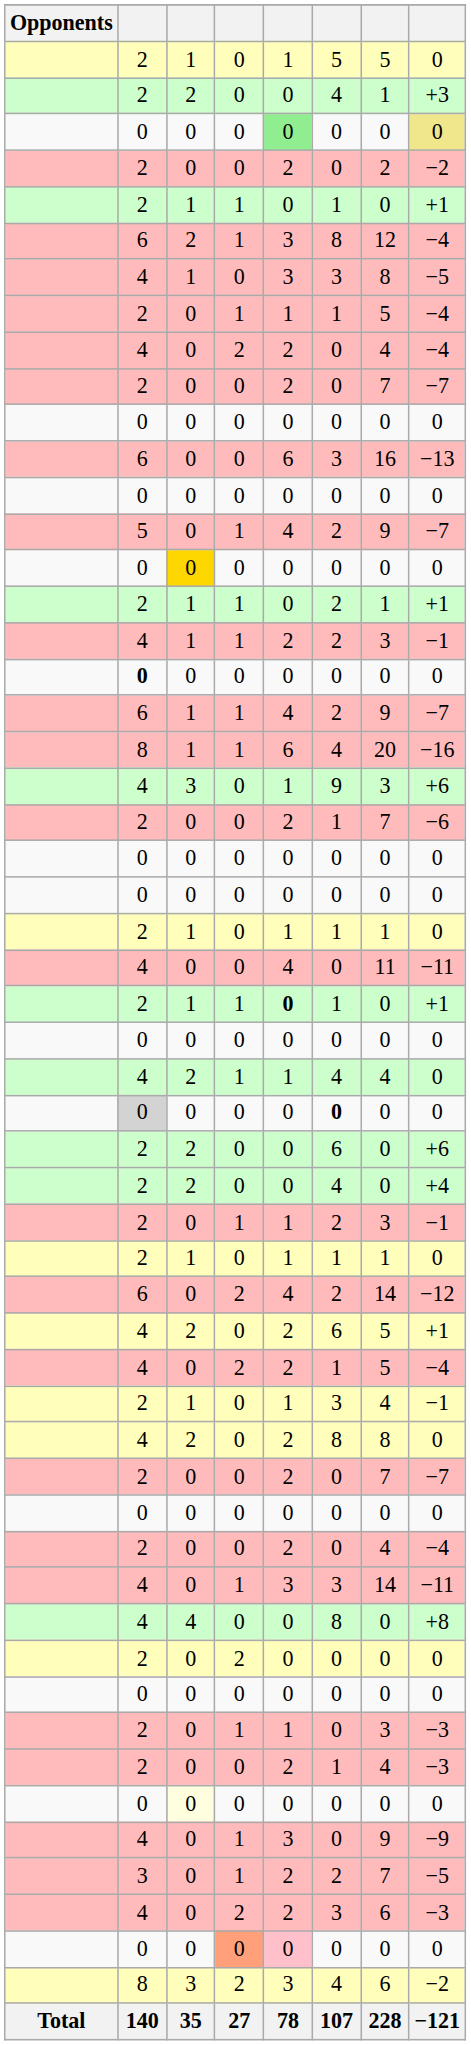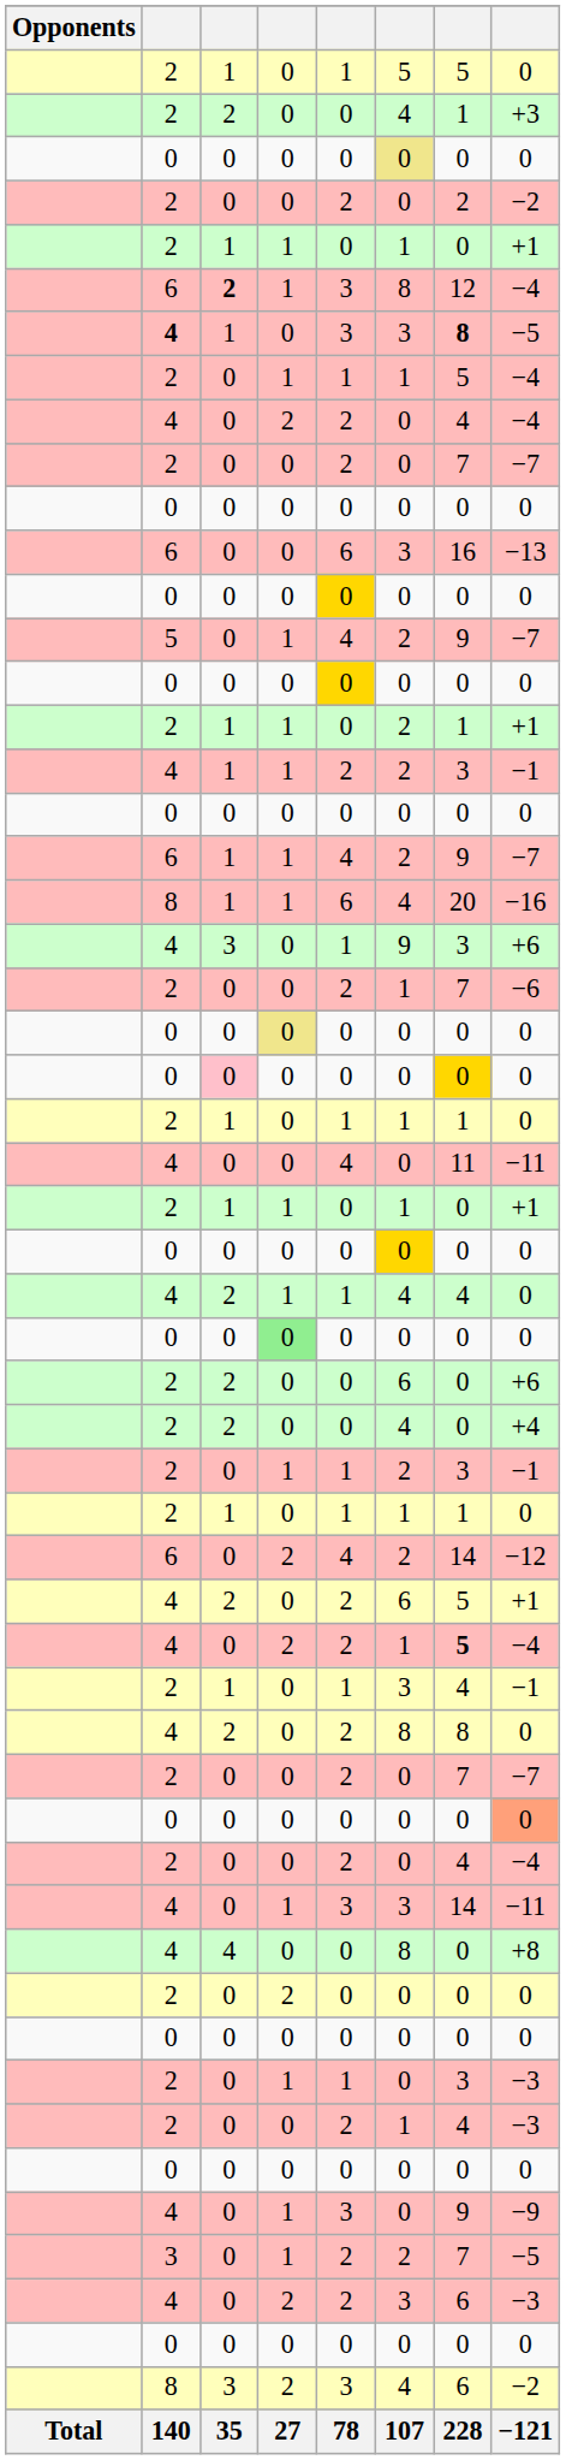 <table class="wikitable sortable collapsed" style="text-align: center; font-size: 90%;">
 <tr>
 </tr>
 <tr>
 <th>Opponents</th>
 <th width=25></th>
 <th width=25></th>
 <th width=25></th>
 <th width=25></th>
 <th width=25></th>
 <th width=25></th>
 <th width=25></th>
 </tr>
 <tr bgcolor="#FFFFBB">
 <td align="left"></td>
 <td>2</td>
 <td>1</td>
 <td>0</td>
 <td>1</td>
 <td>5</td>
 <td>5</td>
 <td>0</td>
 </tr>
 <tr bgcolor="#CCFFCC">
 <td align="left"></td>
 <td>2</td>
 <td>2</td>
 <td>0</td>
 <td>0</td>
 <td>4</td>
 <td>1</td>
 <td>+3</td>
 </tr>
 <tr>
 <td align="left"></td>
 <td>0</td>
 <td>0</td>
 <td>0</td>
-<td style="background: lightgreen;">0</td>
+<td>0</td>
+<td style="background: khaki;">0</td>
 <td>0</td>
 <td>0</td>
-<td style="background: khaki;">0</td>
 </tr>
 <tr bgcolor="#FFBBBB">
 <td align="left"></td>
 <td>2</td>
 <td>0</td>
 <td>0</td>
 <td>2</td>
 <td>0</td>
 <td>2</td>
 <td>−2</td>
 </tr>
 <tr bgcolor="#CCFFCC">
 <td align="left"></td>
 <td>2</td>
 <td>1</td>
 <td>1</td>
 <td>0</td>
 <td>1</td>
 <td>0</td>
 <td>+1</td>
 </tr>
 <tr bgcolor="#FFBBBB">
 <td align="left"></td>
 <td>6</td>
-<td>2</td>
+<td><strong>2</strong></td>
 <td>1</td>
 <td>3</td>
 <td>8</td>
 <td>12</td>
 <td>−4</td>
 </tr>
 <tr bgcolor="#FFBBBB">
 <td align="left"></td>
-<td>4</td>
+<td><strong>4</strong></td>
 <td>1</td>
 <td>0</td>
 <td>3</td>
 <td>3</td>
-<td>8</td>
+<td><strong>8</strong></td>
 <td>−5</td>
 </tr>
 <tr bgcolor="#FFBBBB">
 <td align="left"></td>
 <td>2</td>
 <td>0</td>
 <td>1</td>
 <td>1</td>
 <td>1</td>
 <td>5</td>
 <td>−4</td>
 </tr>
 <tr bgcolor="#FFBBBB">
 <td align="left"></td>
 <td>4</td>
 <td>0</td>
 <td>2</td>
 <td>2</td>
 <td>0</td>
 <td>4</td>
 <td>−4</td>
 </tr>
 <tr bgcolor="#FFBBBB">
 <td align="left"></td>
 <td>2</td>
 <td>0</td>
 <td>0</td>
 <td>2</td>
 <td>0</td>
 <td>7</td>
 <td>−7</td>
 </tr>
 <tr>
 <td align="left"></td>
 <td>0</td>
 <td>0</td>
 <td>0</td>
 <td>0</td>
 <td>0</td>
 <td>0</td>
 <td>0</td>
 </tr>
 <tr bgcolor="#FFBBBB">
 <td align="left"></td>
 <td>6</td>
 <td>0</td>
 <td>0</td>
 <td>6</td>
 <td>3</td>
 <td>16</td>
 <td>−13</td>
 </tr>
 <tr>
 <td align="left"></td>
 <td>0</td>
 <td>0</td>
 <td>0</td>
-<td>0</td>
+<td style="background: gold;">0</td>
 <td>0</td>
 <td>0</td>
 <td>0</td>
 </tr>
 <tr bgcolor="#FFBBBB">
 <td align="left"></td>
 <td>5</td>
 <td>0</td>
 <td>1</td>
 <td>4</td>
 <td>2</td>
 <td>9</td>
 <td>−7</td>
 </tr>
 <tr>
 <td align="left"></td>
 <td>0</td>
-<td style="background: gold;">0</td>
 <td>0</td>
 <td>0</td>
+<td style="background: gold;">0</td>
 <td>0</td>
 <td>0</td>
 <td>0</td>
 </tr>
 <tr bgcolor="#CCFFCC">
 <td align="left"></td>
 <td>2</td>
 <td>1</td>
 <td>1</td>
 <td>0</td>
 <td>2</td>
 <td>1</td>
 <td>+1</td>
 </tr>
 <tr bgcolor="#FFBBBB">
 <td align="left"></td>
 <td>4</td>
 <td>1</td>
 <td>1</td>
 <td>2</td>
 <td>2</td>
 <td>3</td>
 <td>−1</td>
 </tr>
 <tr>
 <td align="left"></td>
-<td><strong>0</strong></td>
+<td>0</td>
 <td>0</td>
 <td>0</td>
 <td>0</td>
 <td>0</td>
 <td>0</td>
 <td>0</td>
 </tr>
 <tr bgcolor="#FFBBBB">
 <td align="left"></td>
 <td>6</td>
 <td>1</td>
 <td>1</td>
 <td>4</td>
 <td>2</td>
 <td>9</td>
 <td>−7</td>
 </tr>
 <tr bgcolor="#FFBBBB">
 <td align="left"></td>
 <td>8</td>
 <td>1</td>
 <td>1</td>
 <td>6</td>
 <td>4</td>
 <td>20</td>
 <td>−16</td>
 </tr>
 <tr bgcolor="#CCFFCC">
 <td align="left"></td>
 <td>4</td>
 <td>3</td>
 <td>0</td>
 <td>1</td>
 <td>9</td>
 <td>3</td>
 <td>+6</td>
 </tr>
 <tr bgcolor="#FFBBBB">
 <td align="left"></td>
 <td>2</td>
 <td>0</td>
 <td>0</td>
 <td>2</td>
 <td>1</td>
 <td>7</td>
 <td>−6</td>
 </tr>
 <tr>
 <td align="left"></td>
 <td>0</td>
 <td>0</td>
-<td>0</td>
+<td style="background: khaki;">0</td>
 <td>0</td>
 <td>0</td>
 <td>0</td>
 <td>0</td>
 </tr>
 <tr>
 <td align="left"></td>
 <td>0</td>
+<td style="background: pink;">0</td>
 <td>0</td>
 <td>0</td>
 <td>0</td>
-<td>0</td>
-<td>0</td>
+<td style="background: gold;">0</td>
 <td>0</td>
 </tr>
 <tr bgcolor="#FFFFBB">
 <td align="left"></td>
 <td>2</td>
 <td>1</td>
 <td>0</td>
 <td>1</td>
 <td>1</td>
 <td>1</td>
 <td>0</td>
 </tr>
 <tr bgcolor="#FFBBBB">
 <td align="left"></td>
 <td>4</td>
 <td>0</td>
 <td>0</td>
 <td>4</td>
 <td>0</td>
 <td>11</td>
 <td>−11</td>
 </tr>
 <tr bgcolor="#CCFFCC">
 <td align="left"></td>
 <td>2</td>
 <td>1</td>
 <td>1</td>
-<td><strong>0</strong></td>
+<td>0</td>
 <td>1</td>
 <td>0</td>
 <td>+1</td>
 </tr>
 <tr>
 <td align="left"></td>
 <td>0</td>
 <td>0</td>
 <td>0</td>
 <td>0</td>
-<td>0</td>
+<td style="background: gold;">0</td>
 <td>0</td>
 <td>0</td>
 </tr>
 <tr bgcolor="#CCFFCC">
 <td align="left"></td>
 <td>4</td>
 <td>2</td>
 <td>1</td>
 <td>1</td>
 <td>4</td>
 <td>4</td>
 <td>0</td>
 </tr>
 <tr>
 <td align="left"></td>
-<td style="background: lightgrey;">0</td>
 <td>0</td>
 <td>0</td>
+<td style="background: lightgreen;">0</td>
 <td>0</td>
-<td><strong>0</strong></td>
+<td>0</td>
 <td>0</td>
 <td>0</td>
 </tr>
 <tr bgcolor="#CCFFCC">
 <td align="left"></td>
 <td>2</td>
 <td>2</td>
 <td>0</td>
 <td>0</td>
 <td>6</td>
 <td>0</td>
 <td>+6</td>
 </tr>
 <tr bgcolor="#CCFFCC">
 <td align="left"></td>
 <td>2</td>
 <td>2</td>
 <td>0</td>
 <td>0</td>
 <td>4</td>
 <td>0</td>
 <td>+4</td>
 </tr>
 <tr bgcolor="#FFBBBB">
 <td align="left"></td>
 <td>2</td>
 <td>0</td>
 <td>1</td>
 <td>1</td>
 <td>2</td>
 <td>3</td>
 <td>−1</td>
 </tr>
 <tr bgcolor="#FFFFBB">
 <td align="left"></td>
 <td>2</td>
 <td>1</td>
 <td>0</td>
 <td>1</td>
 <td>1</td>
 <td>1</td>
 <td>0</td>
 </tr>
 <tr bgcolor="#FFBBBB">
 <td align="left"></td>
 <td>6</td>
 <td>0</td>
 <td>2</td>
 <td>4</td>
 <td>2</td>
 <td>14</td>
 <td>−12</td>
 </tr>
 <tr bgcolor="#FFFFBB">
 <td align="left"></td>
 <td>4</td>
 <td>2</td>
 <td>0</td>
 <td>2</td>
 <td>6</td>
 <td>5</td>
 <td>+1</td>
 </tr>
 <tr bgcolor="#FFBBBB">
 <td align="left"></td>
 <td>4</td>
 <td>0</td>
 <td>2</td>
 <td>2</td>
 <td>1</td>
-<td>5</td>
+<td><strong>5</strong></td>
 <td>−4</td>
 </tr>
 <tr bgcolor="#FFFFBB">
 <td align="left"></td>
 <td>2</td>
 <td>1</td>
 <td>0</td>
 <td>1</td>
 <td>3</td>
 <td>4</td>
 <td>−1</td>
 </tr>
 <tr bgcolor="#FFFFBB">
 <td align="left"></td>
 <td>4</td>
 <td>2</td>
 <td>0</td>
 <td>2</td>
 <td>8</td>
 <td>8</td>
 <td>0</td>
 </tr>
 <tr bgcolor="#FFBBBB">
 <td align="left"></td>
 <td>2</td>
 <td>0</td>
 <td>0</td>
 <td>2</td>
 <td>0</td>
 <td>7</td>
 <td>−7</td>
 </tr>
 <tr>
 <td align="left"></td>
 <td>0</td>
 <td>0</td>
 <td>0</td>
 <td>0</td>
 <td>0</td>
 <td>0</td>
-<td>0</td>
+<td style="background: lightsalmon;">0</td>
 </tr>
 <tr bgcolor="#FFBBBB">
 <td align="left"></td>
 <td>2</td>
 <td>0</td>
 <td>0</td>
 <td>2</td>
 <td>0</td>
 <td>4</td>
 <td>−4</td>
 </tr>
 <tr bgcolor="#FFBBBB">
 <td align="left"></td>
 <td>4</td>
 <td>0</td>
 <td>1</td>
 <td>3</td>
 <td>3</td>
 <td>14</td>
 <td>−11</td>
 </tr>
 <tr bgcolor="#CCFFCC">
 <td align="left"></td>
 <td>4</td>
 <td>4</td>
 <td>0</td>
 <td>0</td>
 <td>8</td>
 <td>0</td>
 <td>+8</td>
 </tr>
 <tr bgcolor="#FFFFBB">
 <td align="left"></td>
 <td>2</td>
 <td>0</td>
 <td>2</td>
 <td>0</td>
 <td>0</td>
 <td>0</td>
 <td>0</td>
 </tr>
 <tr>
 <td align="left"></td>
 <td>0</td>
 <td>0</td>
 <td>0</td>
 <td>0</td>
 <td>0</td>
 <td>0</td>
 <td>0</td>
 </tr>
 <tr bgcolor="#FFBBBB">
 <td align="left"></td>
 <td>2</td>
 <td>0</td>
 <td>1</td>
 <td>1</td>
 <td>0</td>
 <td>3</td>
 <td>−3</td>
 </tr>
 <tr bgcolor="#FFBBBB">
 <td align="left"></td>
 <td>2</td>
 <td>0</td>
 <td>0</td>
 <td>2</td>
 <td>1</td>
 <td>4</td>
 <td>−3</td>
 </tr>
 <tr>
 <td align="left"></td>
 <td>0</td>
-<td style="background: lightyellow;">0</td>
+<td>0</td>
 <td>0</td>
 <td>0</td>
 <td>0</td>
 <td>0</td>
 <td>0</td>
 </tr>
 <tr bgcolor="#FFBBBB">
 <td align="left"></td>
 <td>4</td>
 <td>0</td>
 <td>1</td>
 <td>3</td>
 <td>0</td>
 <td>9</td>
 <td>−9</td>
 </tr>
 <tr bgcolor="#FFBBBB">
 <td align="left"></td>
 <td>3</td>
 <td>0</td>
 <td>1</td>
 <td>2</td>
 <td>2</td>
 <td>7</td>
 <td>−5</td>
 </tr>
 <tr bgcolor="#FFBBBB">
 <td align="left"></td>
 <td>4</td>
 <td>0</td>
 <td>2</td>
 <td>2</td>
 <td>3</td>
 <td>6</td>
 <td>−3</td>
 </tr>
 <tr>
 <td align="left"></td>
 <td>0</td>
 <td>0</td>
-<td style="background: lightsalmon;">0</td>
-<td style="background: pink;">0</td>
+<td>0</td>
+<td>0</td>
 <td>0</td>
 <td>0</td>
 <td>0</td>
 </tr>
 <tr bgcolor="#FFFFBB">
 <td align="left"></td>
 <td>8</td>
 <td>3</td>
 <td>2</td>
 <td>3</td>
 <td>4</td>
 <td>6</td>
 <td>−2</td>
 </tr>
 <tr class="sortbot">
 <th>Total</th>
 <th>140</th>
 <th>35</th>
 <th>27</th>
 <th>78</th>
 <th>107</th>
 <th>228</th>
 <th>−121</th>
 </tr>
 </table>
